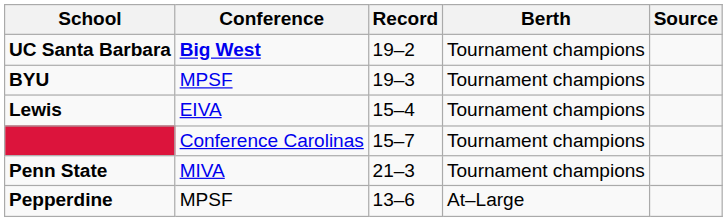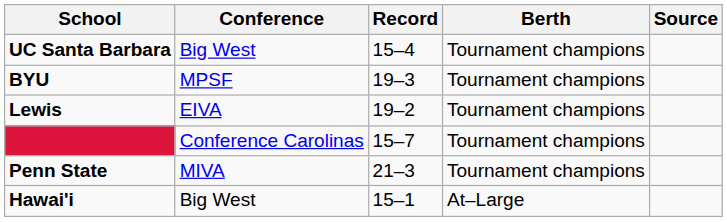 <table class="wikitable sortable plainrowheaders">
 <tr>
 <th scope="col">School</th>
 <th scope="col">Conference</th>
 <th scope="col">Record</th>
 <th scope="col">Berth</th>
 <th scope="col">Source</th>
 </tr>
 <tr>
 <td style=><strong>UC Santa Barbara</strong></td>
-<td><strong><a href='#'>Big West</a></strong></td>
-<td>19–2</td>
+<td><a href='#'>Big West</a></td>
+<td>15–4</td>
 <td>Tournament champions</td>
 <td></td>
 </tr>
 <tr>
 <td style=><strong>BYU</strong></td>
 <td><a href='#'>MPSF</a></td>
 <td>19–3</td>
 <td>Tournament champions</td>
 <td></td>
 </tr>
 <tr>
 <td style=><strong>Lewis</strong></td>
 <td><a href='#'>EIVA</a></td>
-<td>15–4</td>
+<td>19–2</td>
 <td>Tournament champions</td>
 <td></td>
 </tr>
 <tr>
 <td style="background:#DC143C"><strong><a href='#'></a></strong></td>
 <td><a href='#'>Conference Carolinas</a></td>
 <td>15–7</td>
 <td>Tournament champions</td>
 <td></td>
 </tr>
 <tr>
 <td style=><strong>Penn State</strong></td>
 <td><a href='#'>MIVA</a></td>
 <td>21–3</td>
 <td>Tournament champions</td>
 <td></td>
 </tr>
 <tr>
-<td><strong>Pepperdine</strong></td>
-<td>MPSF</td>
-<td>13–6</td>
+<td style=><strong>Hawai'i</strong></td>
+<td>Big West</td>
+<td>15–1</td>
 <td>At–Large</td>
 <td></td>
 </tr>
 </table>
